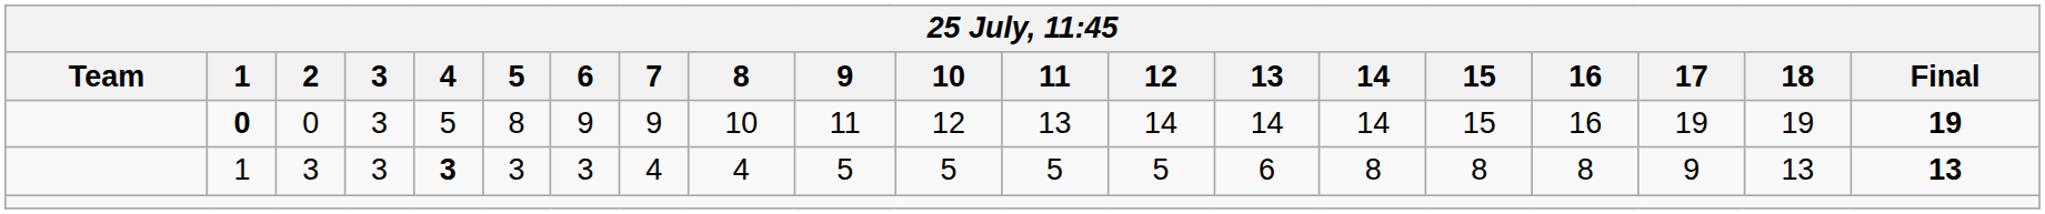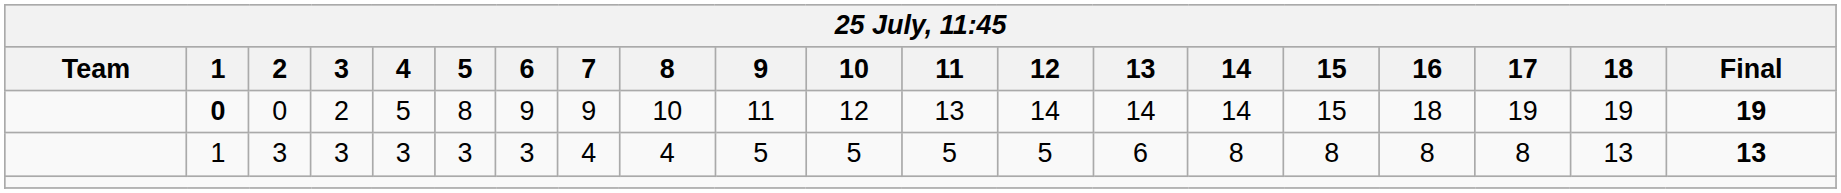 <table class=wikitable style="text-align:center; width: 55%">
 <tr>
 <th colspan=20><em>25 July, 11:45</em></th>
 </tr>
 <tr>
 <th>Team</th>
 <th>1</th>
 <th>2</th>
 <th>3</th>
 <th>4</th>
 <th>5</th>
 <th>6</th>
 <th>7</th>
 <th>8</th>
 <th>9</th>
 <th>10</th>
 <th>11</th>
 <th>12</th>
 <th>13</th>
 <th>14</th>
 <th>15</th>
 <th>16</th>
 <th>17</th>
 <th>18</th>
 <th>Final</th>
 </tr>
 <tr>
 <td align=left><strong></strong></td>
 <td><strong>0</strong></td>
 <td>0</td>
-<td>3</td>
+<td>2</td>
 <td>5</td>
 <td>8</td>
 <td>9</td>
 <td>9</td>
 <td>10</td>
 <td>11</td>
 <td>12</td>
 <td>13</td>
 <td>14</td>
 <td>14</td>
 <td>14</td>
 <td>15</td>
-<td>16</td>
+<td>18</td>
 <td>19</td>
 <td>19</td>
 <td><strong>19</strong></td>
 </tr>
 <tr>
 <td align=left></td>
 <td>1</td>
 <td>3</td>
 <td>3</td>
-<td><strong>3</strong></td>
+<td>3</td>
 <td>3</td>
 <td>3</td>
 <td>4</td>
 <td>4</td>
 <td>5</td>
 <td>5</td>
 <td>5</td>
 <td>5</td>
 <td>6</td>
 <td>8</td>
 <td>8</td>
 <td>8</td>
-<td>9</td>
+<td>8</td>
 <td>13</td>
 <td><strong>13</strong></td>
 </tr>
 <tr>
 <td colspan=20></td>
 </tr>
 </table>
